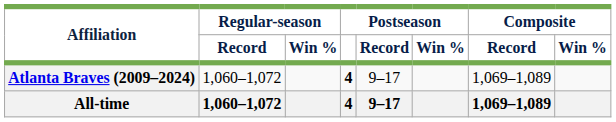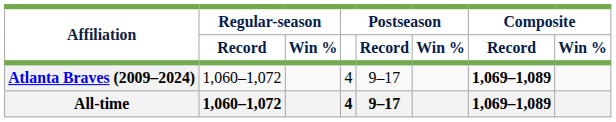 <table class="wikitable sortable plainrowheaders" style="font-size: 95%; text-align:center;">
 <tr>
 <th rowspan="2" scope="col" style="background-color:#ffffff; border-top:#73AA4F 5px solid; border-bottom:#73AA4F 5px solid; color:#0D223F">Affiliation</th>
 <th colspan="2" scope="col" style="background-color:#ffffff; border-top:#73AA4F 5px solid; color:#071d49">Regular-season</th>
 <th colspan="3" scope="col" style="background-color:#ffffff; border-top:#73AA4F 5px solid; color:#071d49">Postseason</th>
 <th colspan="2" scope="col" style="background-color:#ffffff; border-top:#73AA4F 5px solid; color:#071d49">Composite</th>
 </tr>
 <tr>
 <th scope="col" style="background-color:#ffffff; border-bottom:#73AA4F 5px solid; color:#071d49">Record</th>
 <th scope="col" style="background-color:#ffffff; border-bottom:#73AA4F 5px solid; color:#071d49">Win %</th>
 <th scope="col" style="background-color:#ffffff; border-bottom:#73AA4F 5px solid; color:#071d49"></th>
 <th scope="col" style="background-color:#ffffff; border-bottom:#73AA4F 5px solid; color:#071d49">Record</th>
 <th scope="col" style="background-color:#ffffff; border-bottom:#73AA4F 5px solid; color:#071d49">Win %</th>
 <th scope="col" style="background-color:#ffffff; border-bottom:#73AA4F 5px solid; color:#071d49">Record</th>
 <th scope="col" style="background-color:#ffffff; border-bottom:#73AA4F 5px solid; color:#071d49">Win %</th>
 </tr>
 <tr>
 <th scope="row"><a href='#'>Atlanta Braves</a> (2009–2024)</th>
 <td>1,060–1,072</td>
 <td></td>
-<td><strong>4</strong></td>
+<td>4</td>
 <td>9–17</td>
 <td></td>
-<td>1,069–1,089</td>
+<td><strong>1,069–1,089</strong></td>
 <td></td>
 </tr>
 <tr>
 <th scope="row"><strong>All-time</strong></th>
 <th>1,060–1,072</th>
 <th></th>
 <th>4</th>
 <th>9–17</th>
 <th></th>
 <th>1,069–1,089</th>
 <th></th>
 </tr>
 </table>
